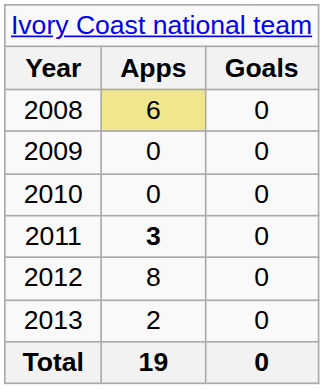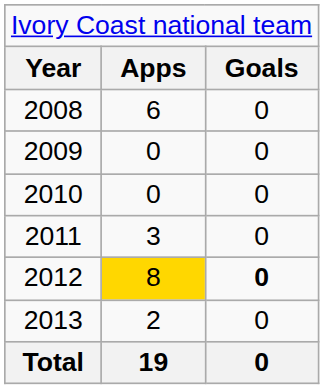 <table class="wikitable" style="text-align:center">
 <tr>
 <td colspan="3"><a href='#'>Ivory Coast national team</a></td>
 </tr>
 <tr>
 <th>Year</th>
 <th>Apps</th>
 <th>Goals</th>
 </tr>
 <tr>
 <td>2008</td>
-<td style="background: khaki;">6</td>
+<td>6</td>
 <td>0</td>
 </tr>
 <tr>
 <td>2009</td>
 <td>0</td>
 <td>0</td>
 </tr>
 <tr>
 <td>2010</td>
 <td>0</td>
 <td>0</td>
 </tr>
 <tr>
 <td>2011</td>
-<td><strong>3</strong></td>
+<td>3</td>
 <td>0</td>
 </tr>
 <tr>
 <td>2012</td>
-<td>8</td>
-<td>0</td>
+<td style="background: gold;">8</td>
+<td><strong>0</strong></td>
 </tr>
 <tr>
 <td>2013</td>
 <td>2</td>
 <td>0</td>
 </tr>
 <tr>
 <th>Total</th>
 <th>19</th>
 <th>0</th>
 </tr>
 </table>
